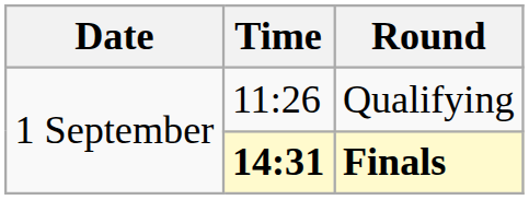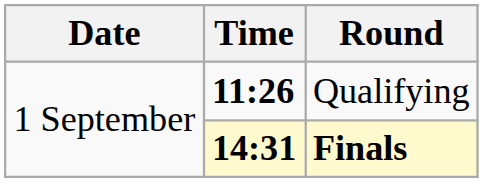 <table class="wikitable">
 <tr>
 <th>Date</th>
 <th>Time</th>
 <th>Round</th>
 </tr>
 <tr>
 <td rowspan=2>1 September</td>
-<td>11:26</td>
+<td><strong>11:26</strong></td>
 <td>Qualifying</td>
 </tr>
 <tr style="background:lemonchiffon">
 <td><strong>14:31</strong></td>
 <td><strong>Finals</strong></td>
 </tr>
 </table>
